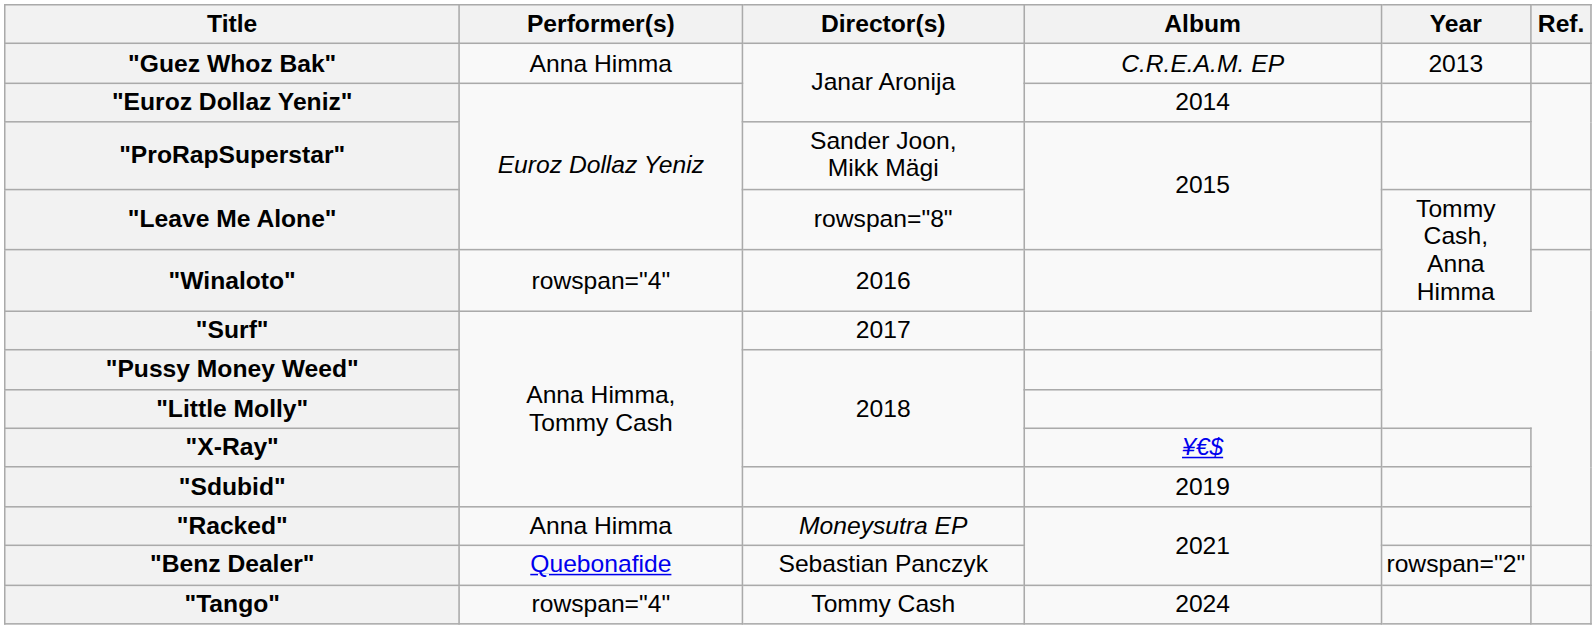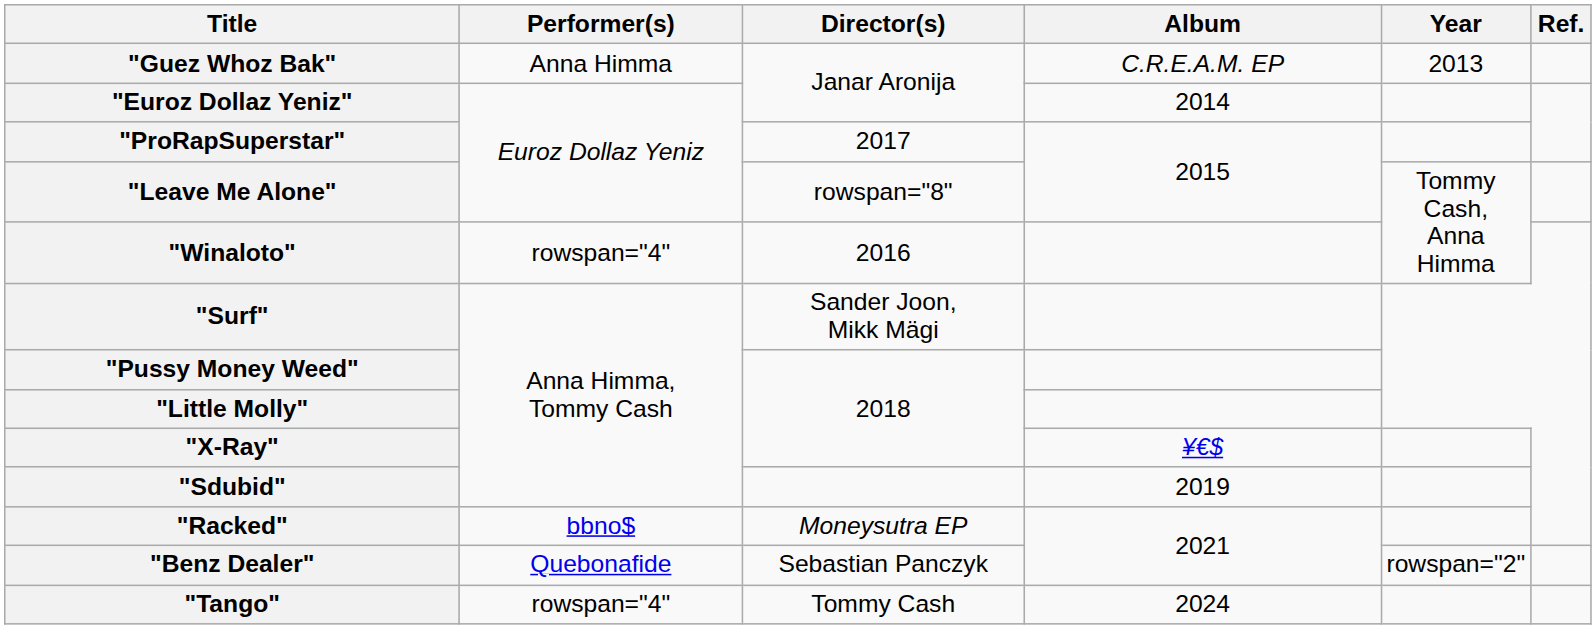 <table class="wikitable plainrowheaders" style="text-align:center;">
 <tr>
 <th scope="col" style="width: 18em;">Title</th>
 <th scope="col" style="width: 11em;">Performer(s)</th>
 <th scope="col" style="width: 11em;">Director(s)</th>
 <th scope="col" style="width: 14em;">Album</th>
 <th scope="col" style="width: 2em;">Year</th>
 <th scope="col" style="width: 2em;" class="unsortable">Ref.</th>
 </tr>
 <tr>
 <th scope="row">"Guez Whoz Bak"</th>
 <td>Anna Himma</td>
 <td rowspan="2">Janar Aronija</td>
 <td><em>C.R.E.A.M.</em> <em>EP</em></td>
 <td>2013</td>
 <td></td>
 </tr>
 <tr>
 <th scope="row">"Euroz Dollaz Yeniz"</th>
 <td rowspan="3"><em>Euroz Dollaz Yeniz</em></td>
 <td>2014</td>
 <td></td>
 </tr>
 <tr>
 <th scope="row">"ProRapSuperstar"</th>
-<td>Sander Joon, <br>Mikk Mägi</td>
+<td>2017</td>
 <td rowspan="2">2015</td>
 <td></td>
 </tr>
 <tr>
 <th scope="row">"Leave Me Alone"</th>
 <td>rowspan="8" </td>
 <td rowspan="2">Tommy Cash, <br>Anna Himma</td>
 <td></td>
 </tr>
 <tr>
 <th scope="row">"Winaloto"</th>
 <td>rowspan="4" </td>
 <td>2016</td>
 <td></td>
 </tr>
 <tr>
 <th scope="row">"Surf"</th>
 <td rowspan="5">Anna Himma, <br>Tommy Cash</td>
-<td>2017</td>
+<td>Sander Joon, <br>Mikk Mägi</td>
 <td></td>
 </tr>
 <tr>
 <th scope="row">"Pussy Money Weed"</th>
 <td rowspan="3">2018</td>
 <td></td>
 </tr>
 <tr>
 <th scope="row">"Little Molly"</th>
 <td></td>
 </tr>
 <tr>
 <th scope="row">"X-Ray"</th>
 <td><em><a href='#'>¥€$</a></em></td>
 <td></td>
 </tr>
 <tr>
 <th scope="row">"Sdubid"</th>
 <td></td>
 <td>2019</td>
 <td></td>
 </tr>
 <tr>
 <th scope="row">"Racked"</th>
-<td>Anna Himma</td>
+<td><a href='#'>bbno$</a></td>
 <td><em>Moneysutra</em> <em>EP</em></td>
 <td rowspan="2">2021</td>
 <td></td>
 </tr>
 <tr>
 <th scope="row">"Benz Dealer"</th>
 <td><a href='#'>Quebonafide</a></td>
 <td>Sebastian Panczyk</td>
 <td>rowspan="2"</td>
 <td></td>
 </tr>
 <tr>
 <th scope="row">"Tango"</th>
 <td>rowspan="4" </td>
 <td>Tommy Cash</td>
 <td>2024</td>
 <td></td>
 </tr>
 </table>
